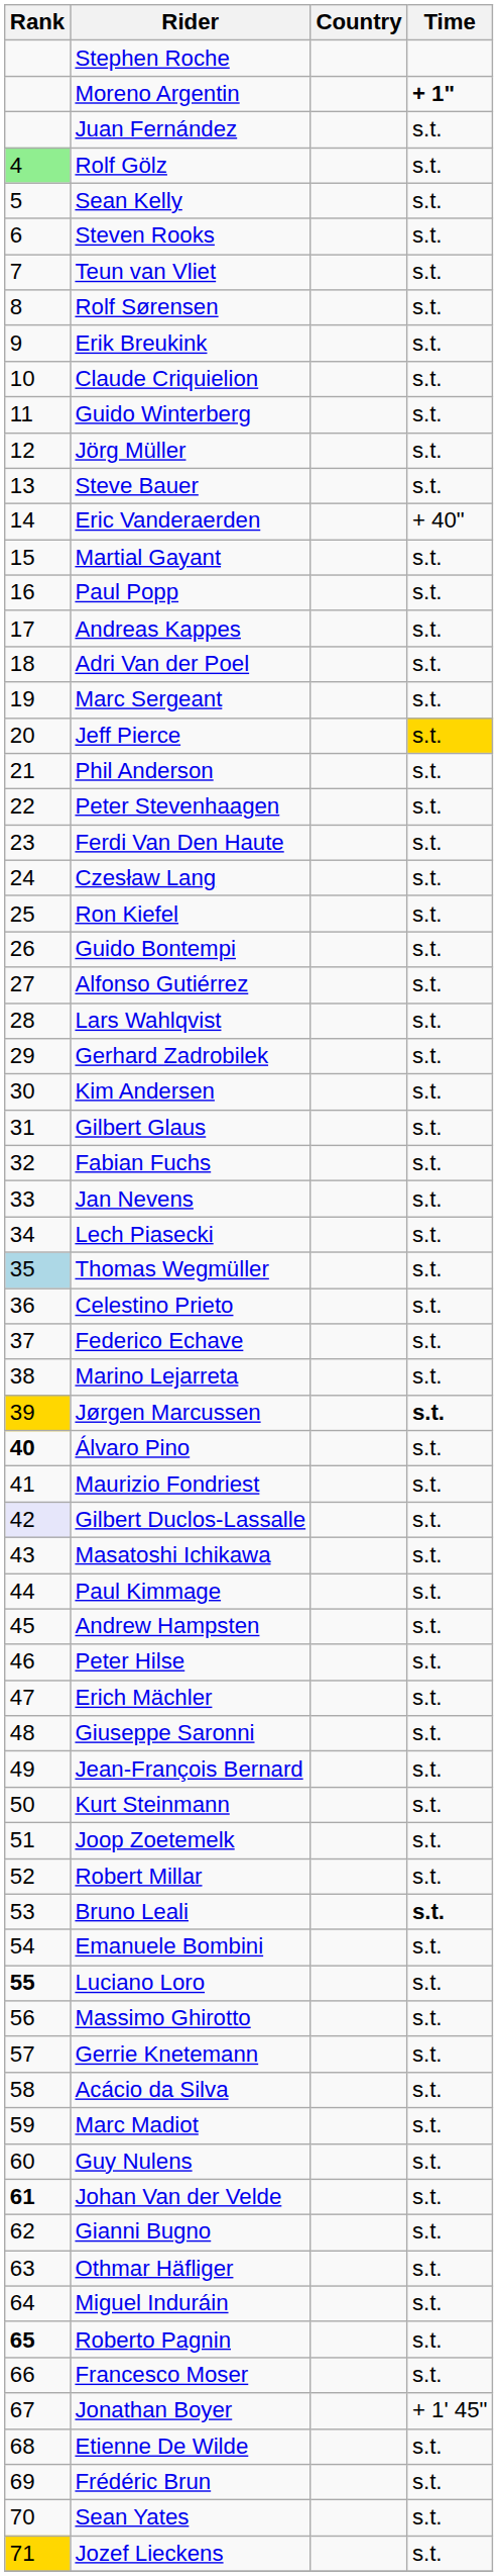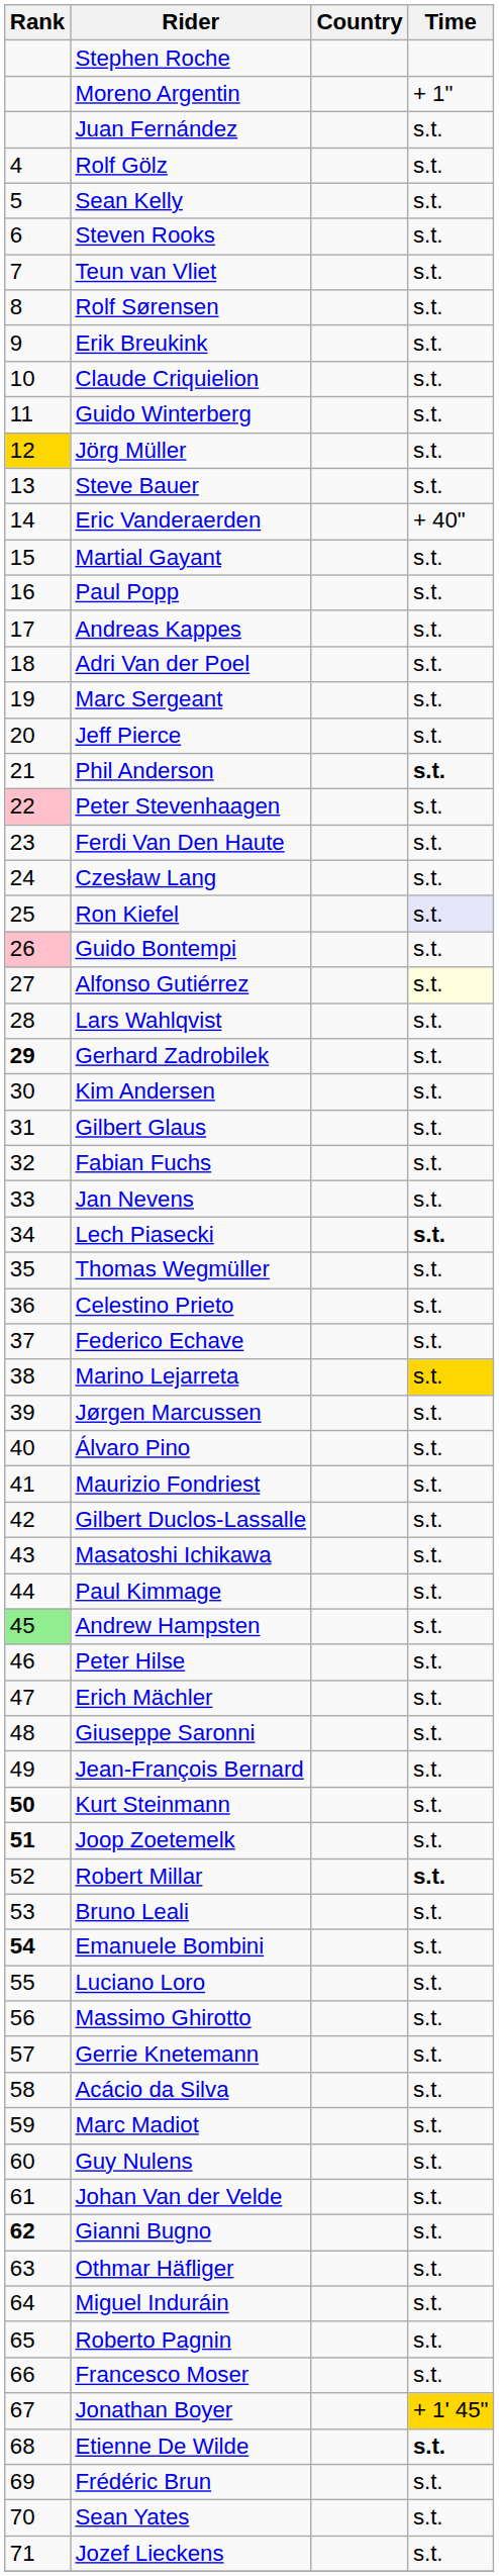 <table class="wikitable">
 <tr>
 <th>Rank</th>
 <th>Rider</th>
 <th>Country</th>
 <th>Time</th>
 </tr>
 <tr>
 <td></td>
 <td><a href='#'>Stephen Roche</a></td>
 <td></td>
 <td></td>
 </tr>
 <tr>
 <td></td>
 <td><a href='#'>Moreno Argentin</a></td>
 <td></td>
-<td><strong>+ 1"</strong></td>
+<td>+ 1"</td>
 </tr>
 <tr>
 <td></td>
 <td><a href='#'>Juan Fernández</a></td>
 <td></td>
 <td>s.t.</td>
 </tr>
 <tr>
-<td style="background: lightgreen;">4</td>
+<td>4</td>
 <td><a href='#'>Rolf Gölz</a></td>
 <td></td>
 <td>s.t.</td>
 </tr>
 <tr>
 <td>5</td>
 <td><a href='#'>Sean Kelly</a></td>
 <td></td>
 <td>s.t.</td>
 </tr>
 <tr>
 <td>6</td>
 <td><a href='#'>Steven Rooks</a></td>
 <td></td>
 <td>s.t.</td>
 </tr>
 <tr>
 <td>7</td>
 <td><a href='#'>Teun van Vliet</a></td>
 <td></td>
 <td>s.t.</td>
 </tr>
 <tr>
 <td>8</td>
 <td><a href='#'>Rolf Sørensen</a></td>
 <td></td>
 <td>s.t.</td>
 </tr>
 <tr>
 <td>9</td>
 <td><a href='#'>Erik Breukink</a></td>
 <td></td>
 <td>s.t.</td>
 </tr>
 <tr>
 <td>10</td>
 <td><a href='#'>Claude Criquielion</a></td>
 <td></td>
 <td>s.t.</td>
 </tr>
 <tr>
 <td>11</td>
 <td><a href='#'>Guido Winterberg</a></td>
 <td></td>
 <td>s.t.</td>
 </tr>
 <tr>
-<td>12</td>
+<td style="background: gold;">12</td>
 <td><a href='#'>Jörg Müller</a></td>
 <td></td>
 <td>s.t.</td>
 </tr>
 <tr>
 <td>13</td>
 <td><a href='#'>Steve Bauer</a></td>
 <td></td>
 <td>s.t.</td>
 </tr>
 <tr>
 <td>14</td>
 <td><a href='#'>Eric Vanderaerden</a></td>
 <td></td>
 <td>+ 40"</td>
 </tr>
 <tr>
 <td>15</td>
 <td><a href='#'>Martial Gayant</a></td>
 <td></td>
 <td>s.t.</td>
 </tr>
 <tr>
 <td>16</td>
 <td><a href='#'>Paul Popp</a></td>
 <td></td>
 <td>s.t.</td>
 </tr>
 <tr>
 <td>17</td>
 <td><a href='#'>Andreas Kappes</a></td>
 <td></td>
 <td>s.t.</td>
 </tr>
 <tr>
 <td>18</td>
 <td><a href='#'>Adri Van der Poel</a></td>
 <td></td>
 <td>s.t.</td>
 </tr>
 <tr>
 <td>19</td>
 <td><a href='#'>Marc Sergeant</a></td>
 <td></td>
 <td>s.t.</td>
 </tr>
 <tr>
 <td>20</td>
 <td><a href='#'>Jeff Pierce</a></td>
 <td></td>
-<td style="background: gold;">s.t.</td>
+<td>s.t.</td>
 </tr>
 <tr>
 <td>21</td>
 <td><a href='#'>Phil Anderson</a></td>
 <td></td>
-<td>s.t.</td>
+<td><strong>s.t.</strong></td>
 </tr>
 <tr>
-<td>22</td>
+<td style="background: pink;">22</td>
 <td><a href='#'>Peter Stevenhaagen</a></td>
 <td></td>
 <td>s.t.</td>
 </tr>
 <tr>
 <td>23</td>
 <td><a href='#'>Ferdi Van Den Haute</a></td>
 <td></td>
 <td>s.t.</td>
 </tr>
 <tr>
 <td>24</td>
 <td><a href='#'>Czesław Lang</a></td>
 <td></td>
 <td>s.t.</td>
 </tr>
 <tr>
 <td>25</td>
 <td><a href='#'>Ron Kiefel</a></td>
 <td></td>
-<td>s.t.</td>
+<td style="background: lavender;">s.t.</td>
 </tr>
 <tr>
-<td>26</td>
+<td style="background: pink;">26</td>
 <td><a href='#'>Guido Bontempi</a></td>
 <td></td>
 <td>s.t.</td>
 </tr>
 <tr>
 <td>27</td>
 <td><a href='#'>Alfonso Gutiérrez</a></td>
 <td></td>
-<td>s.t.</td>
+<td style="background: lightyellow;">s.t.</td>
 </tr>
 <tr>
 <td>28</td>
 <td><a href='#'>Lars Wahlqvist</a></td>
 <td></td>
 <td>s.t.</td>
 </tr>
 <tr>
-<td>29</td>
+<td><strong>29</strong></td>
 <td><a href='#'>Gerhard Zadrobilek</a></td>
 <td></td>
 <td>s.t.</td>
 </tr>
 <tr>
 <td>30</td>
 <td><a href='#'>Kim Andersen</a></td>
 <td></td>
 <td>s.t.</td>
 </tr>
 <tr>
 <td>31</td>
 <td><a href='#'>Gilbert Glaus</a></td>
 <td></td>
 <td>s.t.</td>
 </tr>
 <tr>
 <td>32</td>
 <td><a href='#'>Fabian Fuchs</a></td>
 <td></td>
 <td>s.t.</td>
 </tr>
 <tr>
 <td>33</td>
 <td><a href='#'>Jan Nevens</a></td>
 <td></td>
 <td>s.t.</td>
 </tr>
 <tr>
 <td>34</td>
 <td><a href='#'>Lech Piasecki</a></td>
 <td></td>
-<td>s.t.</td>
+<td><strong>s.t.</strong></td>
 </tr>
 <tr>
-<td style="background: lightblue;">35</td>
+<td>35</td>
 <td><a href='#'>Thomas Wegmüller</a></td>
 <td></td>
 <td>s.t.</td>
 </tr>
 <tr>
 <td>36</td>
 <td><a href='#'>Celestino Prieto</a></td>
 <td></td>
 <td>s.t.</td>
 </tr>
 <tr>
 <td>37</td>
 <td><a href='#'>Federico Echave</a></td>
 <td></td>
 <td>s.t.</td>
 </tr>
 <tr>
 <td>38</td>
 <td><a href='#'>Marino Lejarreta</a></td>
 <td></td>
+<td style="background: gold;">s.t.</td>
+</tr>
+<tr>
+<td>39</td>
+<td><a href='#'>Jørgen Marcussen</a></td>
+<td></td>
 <td>s.t.</td>
 </tr>
 <tr>
-<td style="background: gold;">39</td>
-<td><a href='#'>Jørgen Marcussen</a></td>
-<td></td>
-<td><strong>s.t.</strong></td>
-</tr>
-<tr>
-<td><strong>40</strong></td>
+<td>40</td>
 <td><a href='#'>Álvaro Pino</a></td>
 <td></td>
 <td>s.t.</td>
 </tr>
 <tr>
 <td>41</td>
 <td><a href='#'>Maurizio Fondriest</a></td>
 <td></td>
 <td>s.t.</td>
 </tr>
 <tr>
-<td style="background: lavender;">42</td>
+<td>42</td>
 <td><a href='#'>Gilbert Duclos-Lassalle</a></td>
 <td></td>
 <td>s.t.</td>
 </tr>
 <tr>
 <td>43</td>
 <td><a href='#'>Masatoshi Ichikawa</a></td>
 <td></td>
 <td>s.t.</td>
 </tr>
 <tr>
 <td>44</td>
 <td><a href='#'>Paul Kimmage</a></td>
 <td></td>
 <td>s.t.</td>
 </tr>
 <tr>
-<td>45</td>
+<td style="background: lightgreen;">45</td>
 <td><a href='#'>Andrew Hampsten</a></td>
 <td></td>
 <td>s.t.</td>
 </tr>
 <tr>
 <td>46</td>
 <td><a href='#'>Peter Hilse</a></td>
 <td></td>
 <td>s.t.</td>
 </tr>
 <tr>
 <td>47</td>
 <td><a href='#'>Erich Mächler</a></td>
 <td></td>
 <td>s.t.</td>
 </tr>
 <tr>
 <td>48</td>
 <td><a href='#'>Giuseppe Saronni</a></td>
 <td></td>
 <td>s.t.</td>
 </tr>
 <tr>
 <td>49</td>
 <td><a href='#'>Jean-François Bernard</a></td>
 <td></td>
 <td>s.t.</td>
 </tr>
 <tr>
-<td>50</td>
+<td><strong>50</strong></td>
 <td><a href='#'>Kurt Steinmann</a></td>
 <td></td>
 <td>s.t.</td>
 </tr>
 <tr>
-<td>51</td>
+<td><strong>51</strong></td>
 <td><a href='#'>Joop Zoetemelk</a></td>
 <td></td>
 <td>s.t.</td>
 </tr>
 <tr>
 <td>52</td>
 <td><a href='#'>Robert Millar</a></td>
 <td></td>
-<td>s.t.</td>
+<td><strong>s.t.</strong></td>
 </tr>
 <tr>
 <td>53</td>
 <td><a href='#'>Bruno Leali</a></td>
 <td></td>
-<td><strong>s.t.</strong></td>
+<td>s.t.</td>
 </tr>
 <tr>
-<td>54</td>
+<td><strong>54</strong></td>
 <td><a href='#'>Emanuele Bombini</a></td>
 <td></td>
 <td>s.t.</td>
 </tr>
 <tr>
-<td><strong>55</strong></td>
+<td>55</td>
 <td><a href='#'>Luciano Loro</a></td>
 <td></td>
 <td>s.t.</td>
 </tr>
 <tr>
 <td>56</td>
 <td><a href='#'>Massimo Ghirotto</a></td>
 <td></td>
 <td>s.t.</td>
 </tr>
 <tr>
 <td>57</td>
 <td><a href='#'>Gerrie Knetemann</a></td>
 <td></td>
 <td>s.t.</td>
 </tr>
 <tr>
 <td>58</td>
 <td><a href='#'>Acácio da Silva</a></td>
 <td></td>
 <td>s.t.</td>
 </tr>
 <tr>
 <td>59</td>
 <td><a href='#'>Marc Madiot</a></td>
 <td></td>
 <td>s.t.</td>
 </tr>
 <tr>
 <td>60</td>
 <td><a href='#'>Guy Nulens</a></td>
 <td></td>
 <td>s.t.</td>
 </tr>
 <tr>
-<td><strong>61</strong></td>
+<td>61</td>
 <td><a href='#'>Johan Van der Velde</a></td>
 <td></td>
 <td>s.t.</td>
 </tr>
 <tr>
-<td>62</td>
+<td><strong>62</strong></td>
 <td><a href='#'>Gianni Bugno</a></td>
 <td></td>
 <td>s.t.</td>
 </tr>
 <tr>
 <td>63</td>
 <td><a href='#'>Othmar Häfliger</a></td>
 <td></td>
 <td>s.t.</td>
 </tr>
 <tr>
 <td>64</td>
 <td><a href='#'>Miguel Induráin</a></td>
 <td></td>
 <td>s.t.</td>
 </tr>
 <tr>
-<td><strong>65</strong></td>
+<td>65</td>
 <td><a href='#'>Roberto Pagnin</a></td>
 <td></td>
 <td>s.t.</td>
 </tr>
 <tr>
 <td>66</td>
 <td><a href='#'>Francesco Moser</a></td>
 <td></td>
 <td>s.t.</td>
 </tr>
 <tr>
 <td>67</td>
 <td><a href='#'>Jonathan Boyer</a></td>
 <td></td>
-<td>+ 1' 45"</td>
+<td style="background: gold;">+ 1' 45"</td>
 </tr>
 <tr>
 <td>68</td>
 <td><a href='#'>Etienne De Wilde</a></td>
 <td></td>
-<td>s.t.</td>
+<td><strong>s.t.</strong></td>
 </tr>
 <tr>
 <td>69</td>
 <td><a href='#'>Frédéric Brun</a></td>
 <td></td>
 <td>s.t.</td>
 </tr>
 <tr>
 <td>70</td>
 <td><a href='#'>Sean Yates</a></td>
 <td></td>
 <td>s.t.</td>
 </tr>
 <tr>
-<td style="background: gold;">71</td>
+<td>71</td>
 <td><a href='#'>Jozef Lieckens</a></td>
 <td></td>
 <td>s.t.</td>
 </tr>
 <tr>
 </tr>
 </table>
